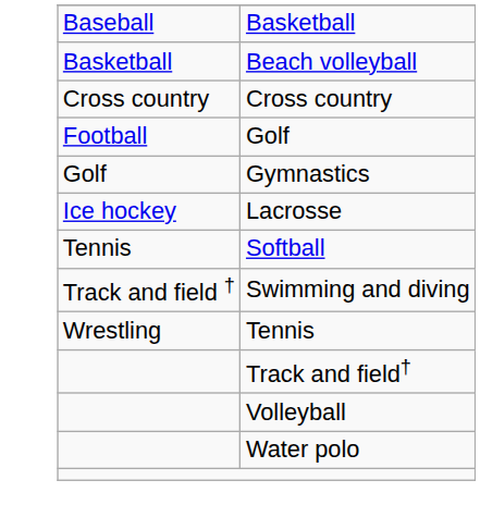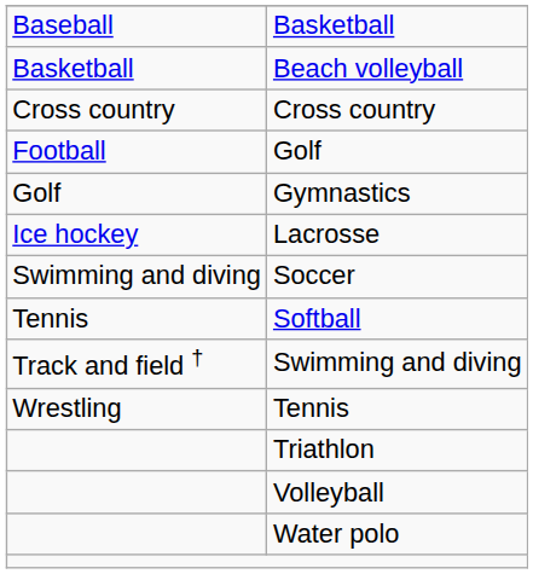 <table class="wikitable" style="float:right; clear:right; margin:0 0 1em 1em;">
 <tr>
 </tr>
 <tr>
 <td><a href='#'>Baseball</a></td>
 <td><a href='#'>Basketball</a></td>
 </tr>
 <tr>
 <td><a href='#'>Basketball</a></td>
 <td><a href='#'>Beach volleyball</a></td>
 </tr>
 <tr>
 <td>Cross country</td>
 <td>Cross country</td>
 </tr>
 <tr>
 <td><a href='#'>Football</a></td>
 <td>Golf</td>
 </tr>
 <tr>
 <td>Golf</td>
 <td>Gymnastics</td>
 </tr>
 <tr>
 <td><a href='#'>Ice hockey</a></td>
 <td>Lacrosse</td>
 </tr>
 <tr>
+<td>Swimming and diving</td>
+<td>Soccer</td>
+</tr>
+<tr>
 <td>Tennis</td>
 <td><a href='#'>Softball</a></td>
 </tr>
 <tr>
 <td>Track and field <sup>†</sup></td>
 <td>Swimming and diving</td>
 </tr>
 <tr>
 <td>Wrestling</td>
 <td>Tennis</td>
 </tr>
 <tr>
 <td></td>
-<td>Track and field<sup>†</sup></td>
+<td>Triathlon</td>
 </tr>
 <tr>
 <td></td>
 <td>Volleyball</td>
 </tr>
 <tr>
 <td></td>
 <td>Water polo</td>
 </tr>
 <tr>
 <td colspan="2"></td>
 </tr>
 </table>
